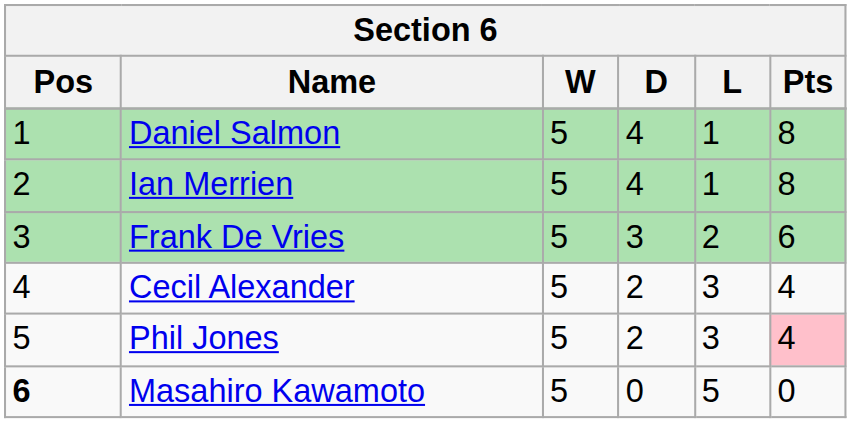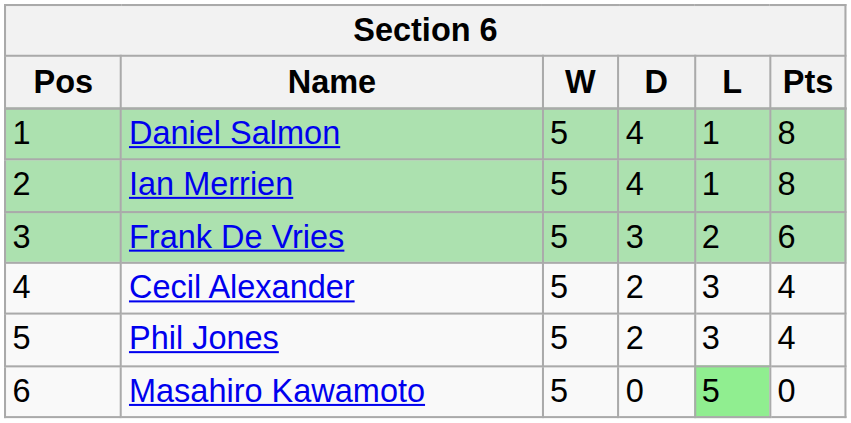 <table class="wikitable">
 <tr>
 <th colspan="6">Section 6</th>
 </tr>
 <tr>
 <th width=50>Pos</th>
 <th width=200>Name</th>
 <th width=30>W</th>
 <th width=30>D</th>
 <th width=30>L</th>
 <th width=30>Pts</th>
 </tr>
 <tr>
 </tr>
 <tr style="background:#ACE1AF;">
 <td>1</td>
 <td> <a href='#'>Daniel Salmon</a></td>
 <td>5</td>
 <td>4</td>
 <td>1</td>
 <td>8</td>
 </tr>
 <tr style="background:#ACE1AF;">
 <td>2</td>
 <td> <a href='#'>Ian Merrien</a></td>
 <td>5</td>
 <td>4</td>
 <td>1</td>
 <td>8</td>
 </tr>
 <tr style="background:#ACE1AF;">
 <td>3</td>
 <td> <a href='#'>Frank De Vries</a></td>
 <td>5</td>
 <td>3</td>
 <td>2</td>
 <td>6</td>
 </tr>
 <tr>
 <td>4</td>
 <td> <a href='#'>Cecil Alexander</a></td>
 <td>5</td>
 <td>2</td>
 <td>3</td>
 <td>4</td>
 </tr>
 <tr>
 <td>5</td>
 <td> <a href='#'>Phil Jones</a></td>
 <td>5</td>
 <td>2</td>
 <td>3</td>
-<td style="background: pink;">4</td>
+<td>4</td>
 </tr>
 <tr>
-<td><strong>6</strong></td>
+<td>6</td>
 <td> <a href='#'>Masahiro Kawamoto</a></td>
 <td>5</td>
 <td>0</td>
-<td>5</td>
+<td style="background: lightgreen;">5</td>
 <td>0</td>
 </tr>
 </table>
